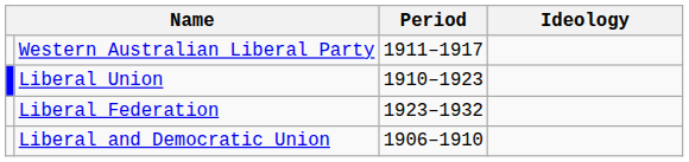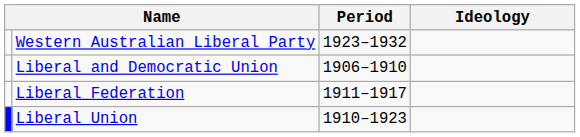 <table class="wikitable sortable">
 <tr>
 <th colspan="2">Name</th>
 <th>Period</th>
 <th width="130px">Ideology</th>
 </tr>
 <tr>
 <td></td>
 <td><a href='#'>Western Australian Liberal Party</a></td>
+<td>1923–1932</td>
+<td></td>
+</tr>
+<tr>
+<td style="background-color: "></td>
+<td><a href='#'>Liberal and Democratic Union</a></td>
+<td>1906–1910</td>
+<td></td>
+</tr>
+<tr>
+<td style="background-color: "></td>
+<td><a href='#'>Liberal Federation</a></td>
 <td>1911–1917</td>
 <td></td>
 </tr>
 <tr>
 <td style="background-color: blue"></td>
 <td><a href='#'>Liberal Union</a></td>
 <td>1910–1923</td>
 <td></td>
 </tr>
-<tr>
-<td style="background-color: "></td>
-<td><a href='#'>Liberal Federation</a></td>
-<td>1923–1932</td>
-<td></td>
-</tr>
-<tr>
-<td style="background-color: "></td>
-<td><a href='#'>Liberal and Democratic Union</a></td>
-<td>1906–1910</td>
-<td></td>
-</tr>
 </table>
